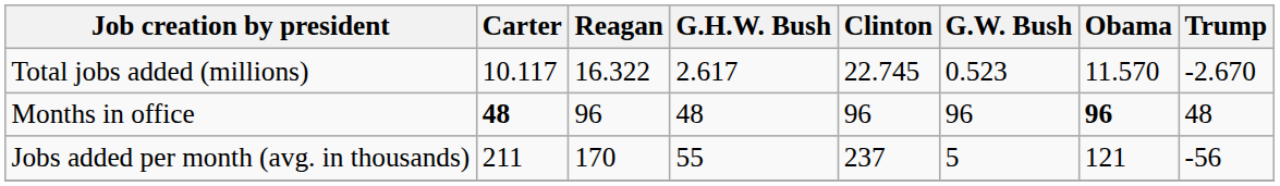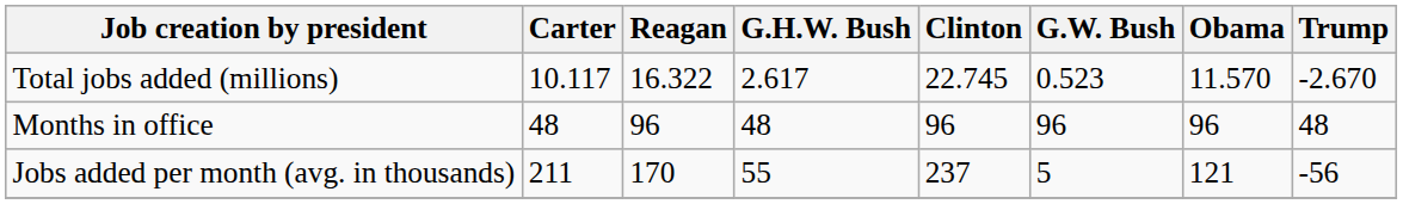 <table class="wikitable">
 <tr>
 <th>Job creation by president</th>
 <th>Carter</th>
 <th>Reagan</th>
 <th>G.H.W. Bush</th>
 <th>Clinton</th>
 <th>G.W. Bush</th>
 <th>Obama</th>
 <th>Trump</th>
 </tr>
 <tr>
 <td>Total jobs added (millions)</td>
 <td>10.117</td>
 <td>16.322</td>
 <td>2.617</td>
 <td>22.745</td>
 <td>0.523</td>
 <td>11.570</td>
 <td>-2.670</td>
 </tr>
 <tr>
 <td>Months in office</td>
-<td><strong>48</strong></td>
+<td>48</td>
 <td>96</td>
 <td>48</td>
 <td>96</td>
 <td>96</td>
-<td><strong>96</strong></td>
+<td>96</td>
 <td>48</td>
 </tr>
 <tr>
 <td>Jobs added per month (avg. in thousands)</td>
 <td>211</td>
 <td>170</td>
 <td>55</td>
 <td>237</td>
 <td>5</td>
 <td>121</td>
 <td>-56</td>
 </tr>
 <tr>
 </tr>
 </table>
